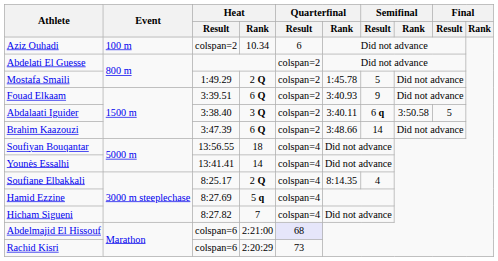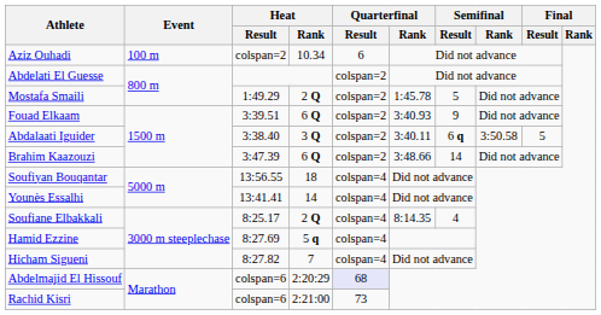 <table class="wikitable" style="font-size:90%">
 <tr>
 <th rowspan="2">Athlete</th>
 <th rowspan="2">Event</th>
 <th colspan="2">Heat</th>
 <th colspan="2">Quarterfinal</th>
 <th colspan="2">Semifinal</th>
 <th colspan="2">Final</th>
 </tr>
 <tr style="font-size:95%">
 <th>Result</th>
 <th>Rank</th>
 <th>Result</th>
 <th>Rank</th>
 <th>Result</th>
 <th>Rank</th>
 <th>Result</th>
 <th>Rank</th>
 </tr>
 <tr align=center>
 <td align=left><a href='#'>Aziz Ouhadi</a></td>
 <td align=left><a href='#'>100 m</a></td>
 <td>colspan=2 </td>
 <td>10.34</td>
 <td>6</td>
 <td colspan=4>Did not advance</td>
 </tr>
 <tr align=center>
 <td align=left><a href='#'>Abdelati El Guesse</a></td>
 <td align=left rowspan=2><a href='#'>800 m</a></td>
 <td colspan=2></td>
 <td>colspan=2 </td>
 <td colspan=4>Did not advance</td>
 </tr>
 <tr align=center>
 <td align=left><a href='#'>Mostafa Smaili</a></td>
 <td>1:49.29</td>
 <td>2 <strong>Q</strong></td>
 <td>colspan=2 </td>
 <td>1:45.78</td>
 <td>5</td>
 <td colspan=2>Did not advance</td>
 </tr>
 <tr align=center>
 <td align=left><a href='#'>Fouad Elkaam</a></td>
 <td align=left rowspan=3><a href='#'>1500 m</a></td>
 <td>3:39.51</td>
 <td>6 <strong>Q</strong></td>
 <td>colspan=2 </td>
 <td>3:40.93</td>
 <td>9</td>
 <td colspan=2>Did not advance</td>
 </tr>
 <tr align=center>
 <td align=left><a href='#'>Abdalaati Iguider</a></td>
 <td>3:38.40</td>
 <td>3 <strong>Q</strong></td>
 <td>colspan=2 </td>
 <td>3:40.11</td>
 <td>6 <strong>q</strong></td>
 <td>3:50.58</td>
 <td>5</td>
 </tr>
 <tr align=center>
 <td align=left><a href='#'>Brahim Kaazouzi</a></td>
 <td>3:47.39</td>
 <td>6 <strong>Q</strong></td>
 <td>colspan=2 </td>
 <td>3:48.66</td>
 <td>14</td>
 <td colspan=2>Did not advance</td>
 </tr>
 <tr align=center>
 <td align=left><a href='#'>Soufiyan Bouqantar</a></td>
 <td align=left rowspan=2><a href='#'>5000 m</a></td>
 <td>13:56.55</td>
 <td>18</td>
 <td>colspan=4 </td>
 <td colspan=2>Did not advance</td>
 </tr>
 <tr align=center>
 <td align=left><a href='#'>Younès Essalhi</a></td>
 <td>13:41.41</td>
 <td>14</td>
 <td>colspan=4 </td>
 <td colspan=2>Did not advance</td>
 </tr>
 <tr align=center>
 <td align=left><a href='#'>Soufiane Elbakkali</a></td>
 <td align=left rowspan=3><a href='#'>3000 m steeplechase</a></td>
 <td>8:25.17</td>
 <td>2 <strong>Q</strong></td>
 <td>colspan=4 </td>
 <td>8:14.35</td>
 <td>4</td>
 </tr>
 <tr align=center>
 <td align=left><a href='#'>Hamid Ezzine</a></td>
 <td>8:27.69</td>
 <td>5 <strong>q</strong></td>
 <td>colspan=4 </td>
 <td colspan=2></td>
 </tr>
 <tr align=center>
 <td align=left><a href='#'>Hicham Sigueni</a></td>
 <td>8:27.82</td>
 <td>7</td>
 <td>colspan=4 </td>
 <td colspan=2>Did not advance</td>
 </tr>
 <tr align=center>
 <td align=left><a href='#'>Abdelmajid El Hissouf</a></td>
 <td align=left rowspan=2><a href='#'>Marathon</a></td>
 <td>colspan=6 </td>
-<td>2:21:00</td>
+<td>2:20:29</td>
 <td style="background: lavender;">68</td>
 </tr>
 <tr align=center>
 <td align=left><a href='#'>Rachid Kisri</a></td>
 <td>colspan=6 </td>
-<td>2:20:29</td>
+<td>2:21:00</td>
 <td>73</td>
 </tr>
 </table>
